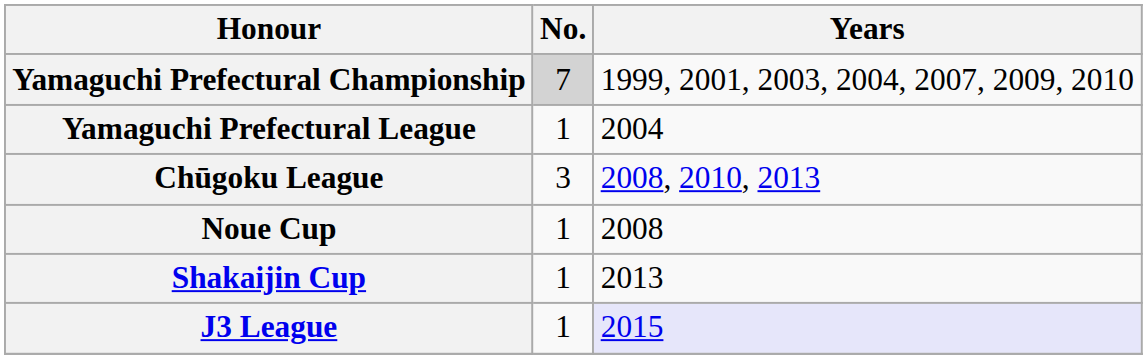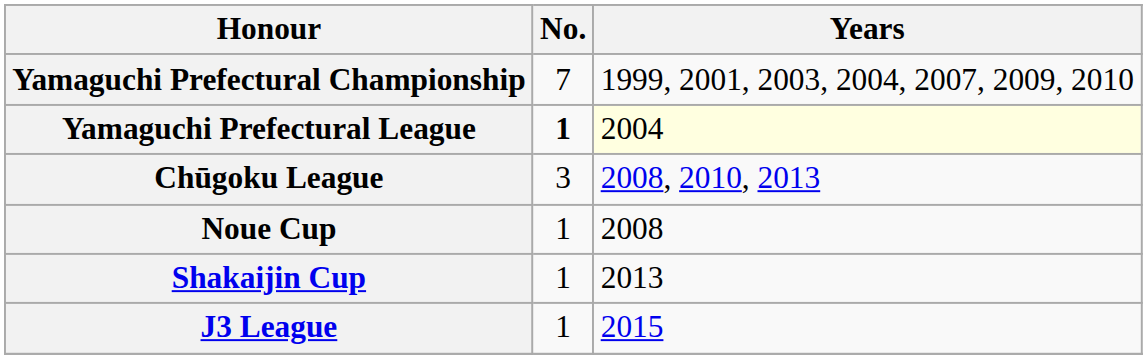 <table class="wikitable plainrowheaders">
 <tr>
 <th scope=col>Honour</th>
 <th scope=col>No.</th>
 <th scope=col>Years</th>
 </tr>
 <tr>
 <th scope=row>Yamaguchi Prefectural Championship</th>
-<td align="center" style="background: lightgrey;">7</td>
+<td align="center">7</td>
 <td>1999, 2001, 2003, 2004, 2007, 2009, 2010</td>
 </tr>
 <tr>
 <th scope=row>Yamaguchi Prefectural League</th>
-<td align="center">1</td>
-<td>2004</td>
+<td align="center"><strong>1</strong></td>
+<td style="background: lightyellow;">2004</td>
 </tr>
 <tr>
 <th scope=row>Chūgoku League</th>
 <td align="center">3</td>
 <td><a href='#'>2008</a>, <a href='#'>2010</a>, <a href='#'>2013</a></td>
 </tr>
 <tr>
 <th scope=row>Noue Cup</th>
 <td align="center">1</td>
 <td>2008</td>
 </tr>
 <tr>
 <th scope=row><a href='#'>Shakaijin Cup</a></th>
 <td align="center">1</td>
 <td>2013</td>
 </tr>
 <tr>
 <th scope=row><a href='#'>J3 League</a></th>
 <td align="center">1</td>
-<td style="background: lavender;"><a href='#'>2015</a></td>
+<td><a href='#'>2015</a></td>
 </tr>
 <tr>
 </tr>
 </table>
